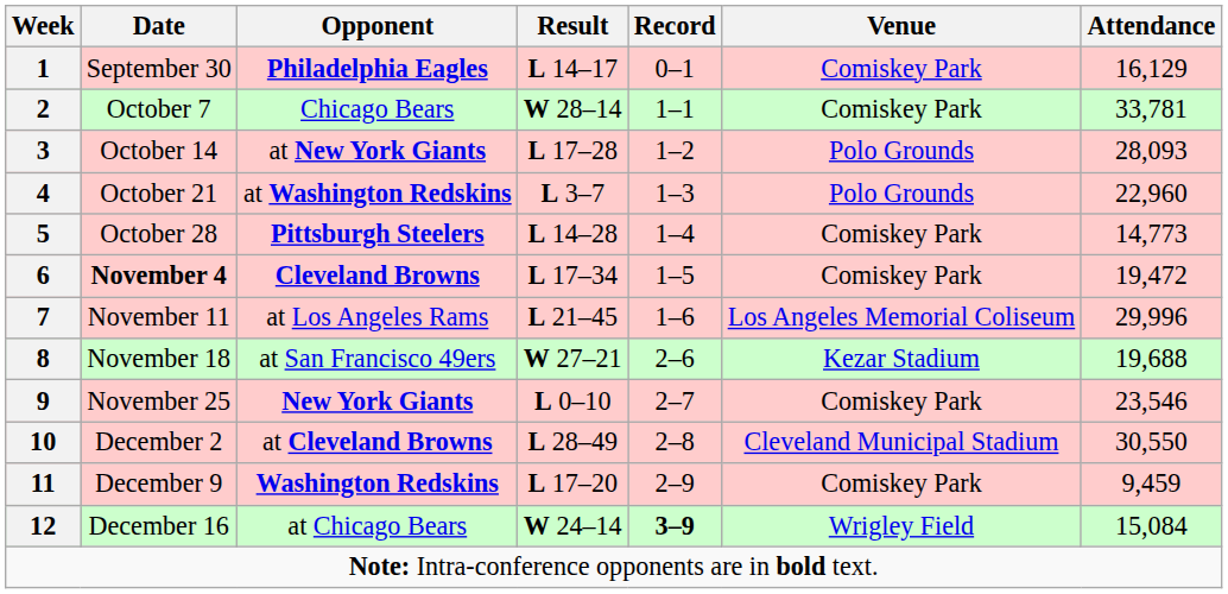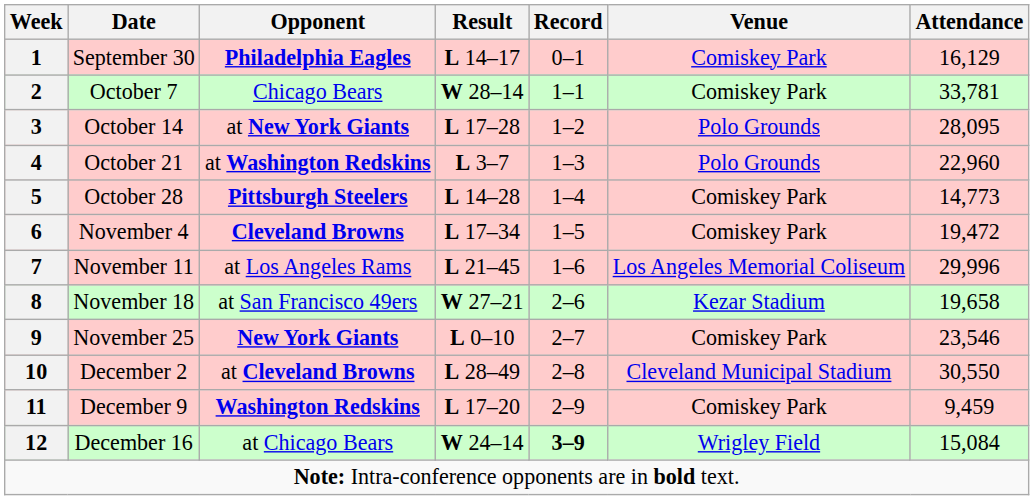 <table class="wikitable" style="text-align:center">
 <tr>
 <th>Week</th>
 <th>Date</th>
 <th>Opponent</th>
 <th>Result</th>
 <th>Record</th>
 <th>Venue</th>
 <th>Attendance</th>
 </tr>
 <tr style="background:#fcc">
 <th>1</th>
 <td>September 30</td>
 <td><strong><a href='#'>Philadelphia Eagles</a></strong></td>
 <td><strong>L</strong> 14–17</td>
 <td>0–1</td>
 <td><a href='#'>Comiskey Park</a></td>
 <td>16,129</td>
 </tr>
 <tr style="background:#cfc">
 <th>2</th>
 <td>October 7</td>
 <td><a href='#'>Chicago Bears</a></td>
 <td><strong>W</strong> 28–14</td>
 <td>1–1</td>
 <td>Comiskey Park</td>
 <td>33,781</td>
 </tr>
 <tr style="background:#fcc">
 <th>3</th>
 <td>October 14</td>
 <td>at <strong><a href='#'>New York Giants</a></strong></td>
 <td><strong>L</strong> 17–28</td>
 <td>1–2</td>
 <td><a href='#'>Polo Grounds</a></td>
-<td>28,093</td>
+<td>28,095</td>
 </tr>
 <tr style="background:#fcc">
 <th>4</th>
 <td>October 21</td>
 <td>at <strong><a href='#'>Washington Redskins</a></strong></td>
 <td><strong>L</strong> 3–7</td>
 <td>1–3</td>
 <td><a href='#'>Polo Grounds</a></td>
 <td>22,960</td>
 </tr>
 <tr style="background:#fcc">
 <th>5</th>
 <td>October 28</td>
 <td><strong><a href='#'>Pittsburgh Steelers</a></strong></td>
 <td><strong>L</strong> 14–28</td>
 <td>1–4</td>
 <td>Comiskey Park</td>
 <td>14,773</td>
 </tr>
 <tr style="background:#fcc">
 <th>6</th>
-<td><strong>November 4</strong></td>
+<td>November 4</td>
 <td><strong><a href='#'>Cleveland Browns</a></strong></td>
 <td><strong>L</strong> 17–34</td>
 <td>1–5</td>
 <td>Comiskey Park</td>
 <td>19,472</td>
 </tr>
 <tr style="background:#fcc">
 <th>7</th>
 <td>November 11</td>
 <td>at <a href='#'>Los Angeles Rams</a></td>
 <td><strong>L</strong> 21–45</td>
 <td>1–6</td>
 <td><a href='#'>Los Angeles Memorial Coliseum</a></td>
 <td>29,996</td>
 </tr>
 <tr style="background:#cfc">
 <th>8</th>
 <td>November 18</td>
 <td>at <a href='#'>San Francisco 49ers</a></td>
 <td><strong>W</strong> 27–21</td>
 <td>2–6</td>
 <td><a href='#'>Kezar Stadium</a></td>
-<td>19,688</td>
+<td>19,658</td>
 </tr>
 <tr style="background:#fcc">
 <th>9</th>
 <td>November 25</td>
 <td><strong><a href='#'>New York Giants</a></strong></td>
 <td><strong>L</strong> 0–10</td>
 <td>2–7</td>
 <td>Comiskey Park</td>
 <td>23,546</td>
 </tr>
 <tr style="background:#fcc">
 <th>10</th>
 <td>December 2</td>
 <td>at <strong><a href='#'>Cleveland Browns</a></strong></td>
 <td><strong>L</strong> 28–49</td>
 <td>2–8</td>
 <td><a href='#'>Cleveland Municipal Stadium</a></td>
 <td>30,550</td>
 </tr>
 <tr style="background:#fcc">
 <th>11</th>
 <td>December 9</td>
 <td><strong><a href='#'>Washington Redskins</a></strong></td>
 <td><strong>L</strong> 17–20</td>
 <td>2–9</td>
 <td>Comiskey Park</td>
 <td>9,459</td>
 </tr>
 <tr style="background:#cfc">
 <th>12</th>
 <td>December 16</td>
 <td>at <a href='#'>Chicago Bears</a></td>
 <td><strong>W</strong> 24–14</td>
 <td><strong>3–9</strong></td>
 <td><a href='#'>Wrigley Field</a></td>
 <td>15,084</td>
 </tr>
 <tr>
 <td colspan="8"><strong>Note:</strong> Intra-conference opponents are in <strong>bold</strong> text.</td>
 </tr>
 </table>
